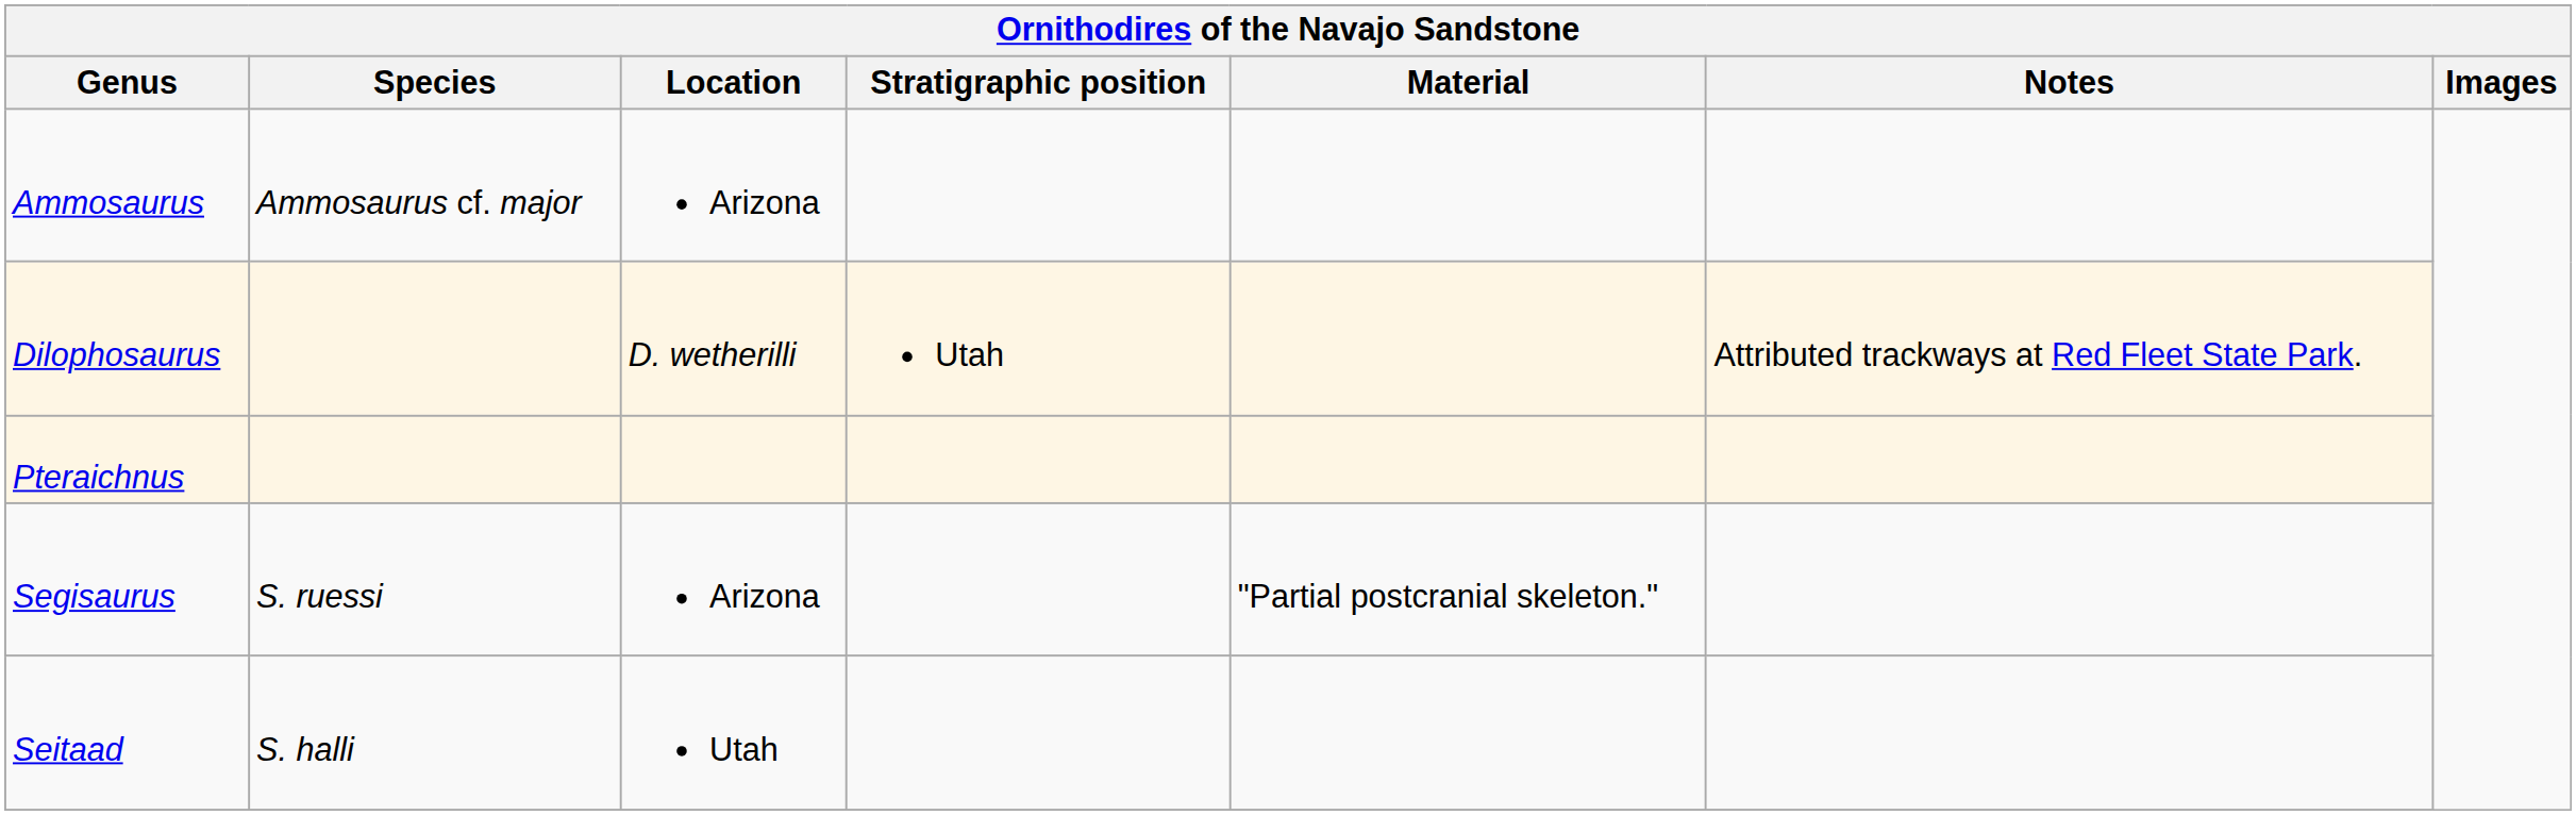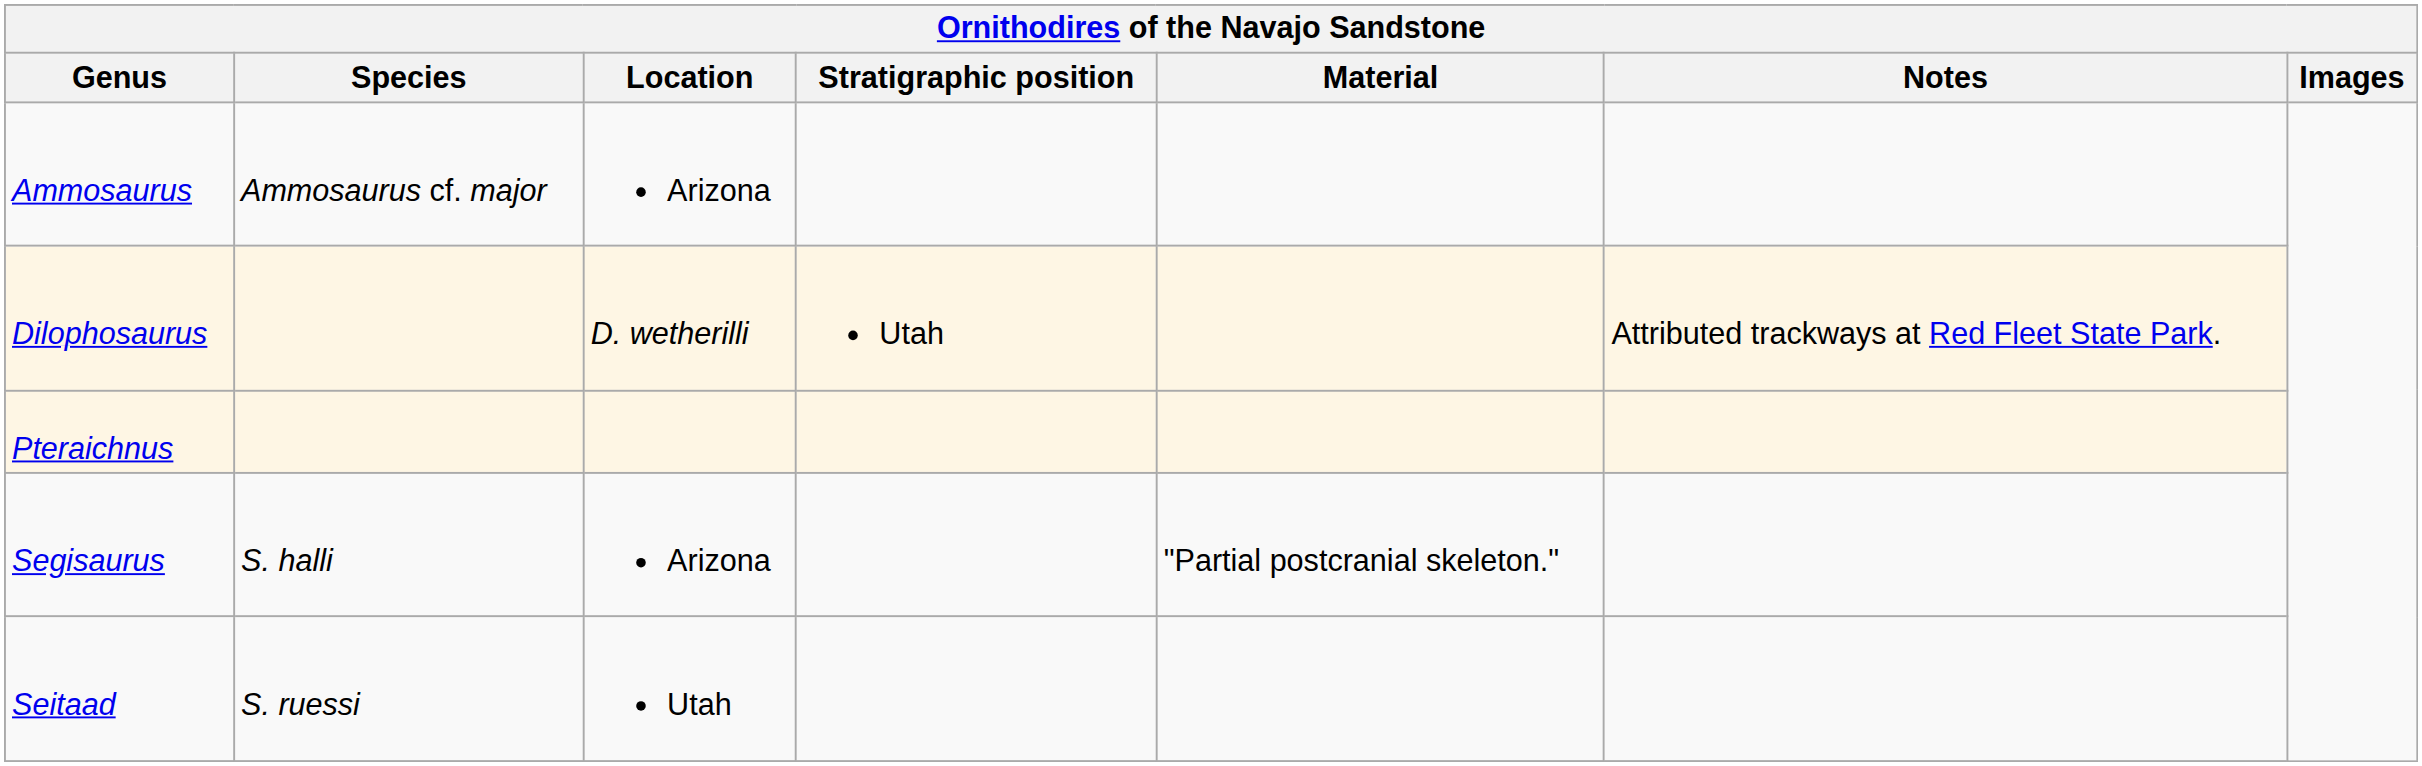 <table class="wikitable" align="center" width="100%">
 <tr>
 <th colspan="7" align="center"><strong><a href='#'>Ornithodires</a> of the Navajo Sandstone</strong></th>
 </tr>
 <tr>
 <th>Genus</th>
 <th>Species</th>
 <th>Location</th>
 <th>Stratigraphic position</th>
 <th>Material</th>
 <th>Notes</th>
 <th>Images</th>
 </tr>
 <tr>
 <td><br><em><a href='#'>Ammosaurus</a></em></td>
 <td><br><em>Ammosaurus</em> cf. <em>major</em></td>
 <td><br><ul><li>Arizona</li></ul></td>
 <td></td>
 <td></td>
 <td></td>
 <td rowspan="99"><br>  </td>
 </tr>
 <tr>
 <td style="background:#FEF6E4;"><br><em><a href='#'>Dilophosaurus</a></em></td>
 <td style="background:#FEF6E4;"></td>
 <td style="background:#FEF6E4;"><br><em>D. wetherilli</em></td>
 <td style="background:#FEF6E4;"><br><ul><li>Utah</li></ul></td>
 <td style="background:#FEF6E4;"></td>
 <td style="background:#FEF6E4;"><br>Attributed trackways at <a href='#'>Red Fleet State Park</a>.</td>
 </tr>
 <tr>
 <td style="background:#FEF6E4;"><br><em><a href='#'>Pteraichnus</a></em></td>
 <td style="background:#FEF6E4;"></td>
 <td style="background:#FEF6E4;"></td>
 <td style="background:#FEF6E4;"></td>
 <td style="background:#FEF6E4;"></td>
 <td style="background:#FEF6E4;"></td>
 </tr>
 <tr>
 <td><br><em><a href='#'>Segisaurus</a></em></td>
-<td><br><em>S. ruessi</em></td>
+<td><br><em>S. halli</em></td>
 <td><br><ul><li>Arizona</li></ul></td>
 <td></td>
 <td><br>"Partial postcranial skeleton."</td>
 <td></td>
 </tr>
 <tr>
 <td><br><em><a href='#'>Seitaad</a></em></td>
-<td><br><em>S. halli</em></td>
+<td><br><em>S. ruessi</em></td>
 <td><br><ul><li>Utah</li></ul></td>
 <td></td>
 <td></td>
 <td></td>
 </tr>
 <tr>
 </tr>
 </table>
